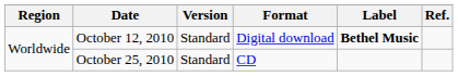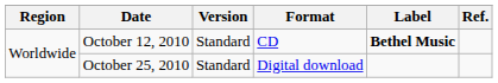 <table class="wikitable plainrowheaders">
 <tr>
 </tr>
 <tr>
 <th scope="col">Region</th>
 <th scope="col">Date</th>
 <th scope="col">Version</th>
 <th scope="col">Format</th>
 <th scope="col">Label</th>
 <th scope="col">Ref.</th>
 </tr>
 <tr>
 <td rowspan="2">Worldwide</td>
 <td>October 12, 2010</td>
 <td>Standard</td>
-<td><a href='#'>Digital download</a></td>
+<td><a href='#'>CD</a></td>
 <td><strong>Bethel Music</strong></td>
 <td></td>
 </tr>
 <tr>
 <td>October 25, 2010</td>
 <td>Standard</td>
-<td><a href='#'>CD</a></td>
+<td><a href='#'>Digital download</a></td>
 <td></td>
 <td></td>
 </tr>
 </table>
